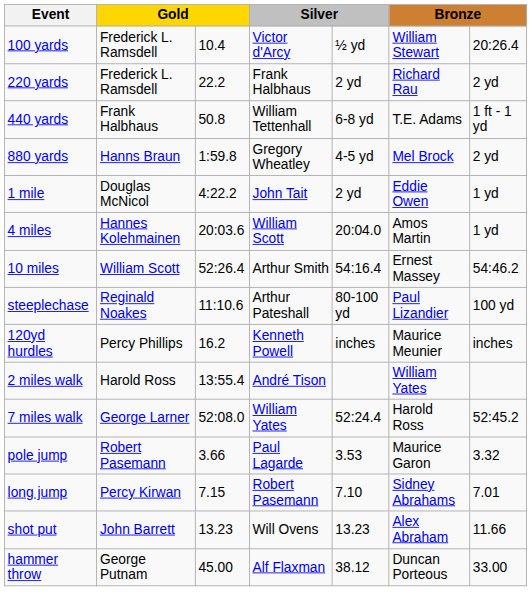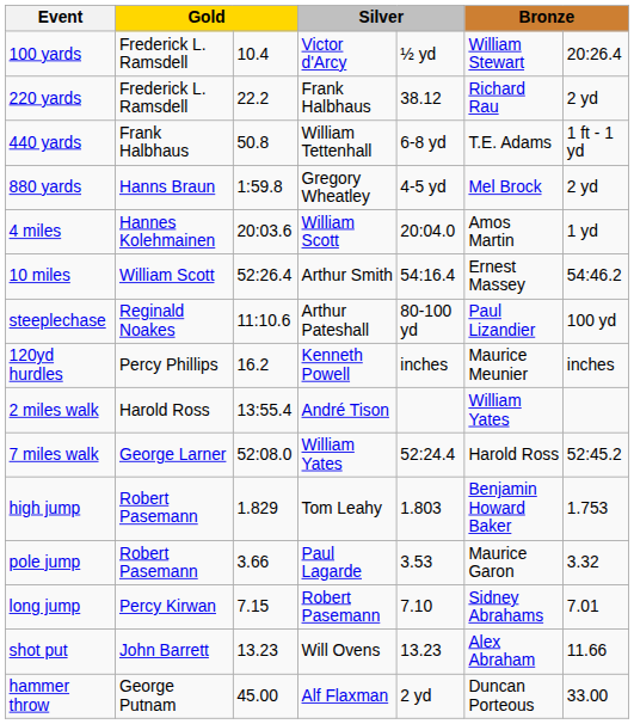 <table class="wikitable" style="text-align:left">
 <tr>
 <th width=100>Event</th>
 <th colspan="2" width="280" style="background:gold;">Gold</th>
 <th colspan="2" width="280" style="background:silver;">Silver</th>
 <th colspan="2" width="280" style="background:#CD7F32;">Bronze</th>
 </tr>
 <tr>
 <td><a href='#'>100 yards</a></td>
 <td> Frederick L. Ramsdell</td>
 <td>10.4</td>
 <td><a href='#'>Victor d'Arcy</a></td>
 <td>½ yd</td>
 <td> <a href='#'>William Stewart</a></td>
 <td>20:26.4</td>
 </tr>
 <tr>
 <td><a href='#'>220 yards</a></td>
 <td> Frederick L. Ramsdell</td>
 <td>22.2</td>
 <td> Frank Halbhaus</td>
-<td>2 yd</td>
+<td>38.12</td>
 <td> <a href='#'>Richard Rau</a></td>
 <td>2 yd</td>
 </tr>
 <tr>
 <td><a href='#'>440 yards</a></td>
 <td> Frank Halbhaus</td>
 <td>50.8</td>
 <td>William Tettenhall</td>
 <td>6-8 yd</td>
 <td>T.E. Adams</td>
 <td>1 ft - 1 yd</td>
 </tr>
 <tr>
 <td><a href='#'>880 yards</a></td>
 <td> <a href='#'>Hanns Braun</a></td>
 <td>1:59.8</td>
 <td> Gregory Wheatley</td>
 <td>4-5 yd</td>
 <td> <a href='#'>Mel Brock</a></td>
 <td>2 yd</td>
-</tr>
-<tr>
-<td><a href='#'>1 mile</a></td>
-<td> Douglas McNicol</td>
-<td>4:22.2</td>
-<td> <a href='#'>John Tait</a></td>
-<td>2 yd</td>
-<td><a href='#'>Eddie Owen</a></td>
-<td>1 yd</td>
 </tr>
 <tr>
 <td><a href='#'>4 miles</a></td>
 <td> <a href='#'>Hannes Kolehmainen</a></td>
 <td>20:03.6</td>
 <td><a href='#'>William Scott</a></td>
 <td>20:04.0</td>
 <td>Amos Martin</td>
 <td>1 yd</td>
 </tr>
 <tr>
 <td><a href='#'>10 miles</a></td>
 <td><a href='#'>William Scott</a></td>
 <td>52:26.4</td>
 <td>Arthur Smith</td>
 <td>54:16.4</td>
 <td>Ernest Massey</td>
 <td>54:46.2</td>
 </tr>
 <tr>
 <td><a href='#'>steeplechase</a></td>
 <td><a href='#'>Reginald Noakes</a></td>
 <td>11:10.6</td>
 <td>Arthur Pateshall</td>
 <td>80-100 yd</td>
 <td> <a href='#'>Paul Lizandier</a></td>
 <td>100 yd</td>
 </tr>
 <tr>
 <td><a href='#'>120yd hurdles</a></td>
 <td>Percy Phillips</td>
 <td>16.2</td>
 <td><a href='#'>Kenneth Powell</a></td>
 <td>inches</td>
 <td> Maurice Meunier</td>
 <td>inches</td>
 </tr>
 <tr>
 <td><a href='#'>2 miles walk</a></td>
 <td>Harold Ross</td>
 <td>13:55.4</td>
 <td> <a href='#'>André Tison</a></td>
 <td></td>
 <td><a href='#'>William Yates</a></td>
 <td></td>
 </tr>
 <tr>
 <td><a href='#'>7 miles walk</a></td>
 <td><a href='#'>George Larner</a></td>
 <td>52:08.0</td>
 <td><a href='#'>William Yates</a></td>
 <td>52:24.4</td>
 <td>Harold Ross</td>
 <td>52:45.2</td>
 </tr>
 <tr>
+<td><a href='#'>high jump</a></td>
+<td> <a href='#'>Robert Pasemann</a></td>
+<td>1.829</td>
+<td> Tom Leahy</td>
+<td>1.803</td>
+<td><a href='#'>Benjamin Howard Baker</a></td>
+<td>1.753</td>
+</tr>
+<tr>
 <td><a href='#'>pole jump</a></td>
 <td> <a href='#'>Robert Pasemann</a></td>
 <td>3.66</td>
 <td> <a href='#'>Paul Lagarde</a></td>
 <td>3.53</td>
 <td> Maurice Garon</td>
 <td>3.32</td>
 </tr>
 <tr>
 <td><a href='#'>long jump</a></td>
 <td> <a href='#'>Percy Kirwan</a></td>
 <td>7.15</td>
 <td> <a href='#'>Robert Pasemann</a></td>
 <td>7.10</td>
 <td><a href='#'>Sidney Abrahams</a></td>
 <td>7.01</td>
 </tr>
 <tr>
 <td><a href='#'>shot put</a></td>
 <td> <a href='#'>John Barrett</a></td>
 <td>13.23</td>
 <td>Will Ovens</td>
 <td>13.23</td>
 <td> <a href='#'>Alex Abraham</a></td>
 <td>11.66</td>
 </tr>
 <tr>
 <td><a href='#'>hammer throw</a></td>
 <td> George Putnam</td>
 <td>45.00</td>
 <td><a href='#'>Alf Flaxman</a></td>
-<td>38.12</td>
+<td>2 yd</td>
 <td> Duncan Porteous</td>
 <td>33.00</td>
 </tr>
 </table>
